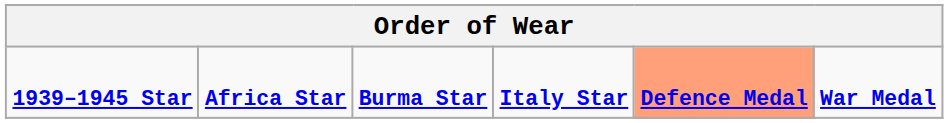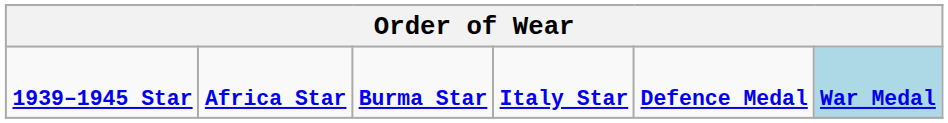 <table class="wikitable" style="margin: 1em auto; text-align:center;">
 <tr>
 <th colspan="6">Order of Wear</th>
 </tr>
 <tr>
 <td><br><a href='#'><strong><small>1939–1945 Star</small></strong></a></td>
 <td><br><a href='#'><strong><small>Africa Star</small></strong></a></td>
 <td><br><a href='#'><strong><small>Burma Star</small></strong></a></td>
 <td><br><a href='#'><strong><small>Italy Star</small></strong></a></td>
-<td style="background: lightsalmon;"><br><a href='#'><strong><small>Defence Medal</small></strong></a></td>
-<td><br><a href='#'><strong><small>War Medal</small></strong></a></td>
+<td><br><a href='#'><strong><small>Defence Medal</small></strong></a></td>
+<td style="background: lightblue;"><br><a href='#'><strong><small>War Medal</small></strong></a></td>
 </tr>
 </table>
